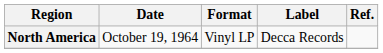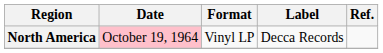 <table class="wikitable plainrowheaders">
 <tr>
 <th scope="col">Region</th>
 <th scope="col">Date</th>
 <th scope="col">Format</th>
 <th scope="col">Label</th>
 <th scope="col">Ref.</th>
 </tr>
 <tr>
 <th scope="row">North America</th>
-<td>October 19, 1964</td>
+<td style="background: pink;">October 19, 1964</td>
 <td>Vinyl LP</td>
 <td>Decca Records</td>
 <td></td>
 </tr>
 <tr>
 </tr>
 </table>
